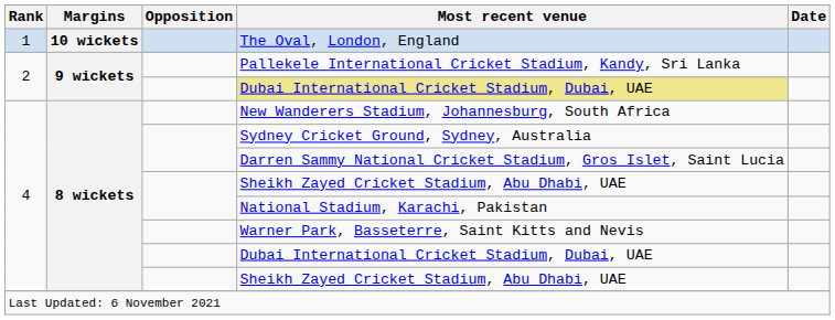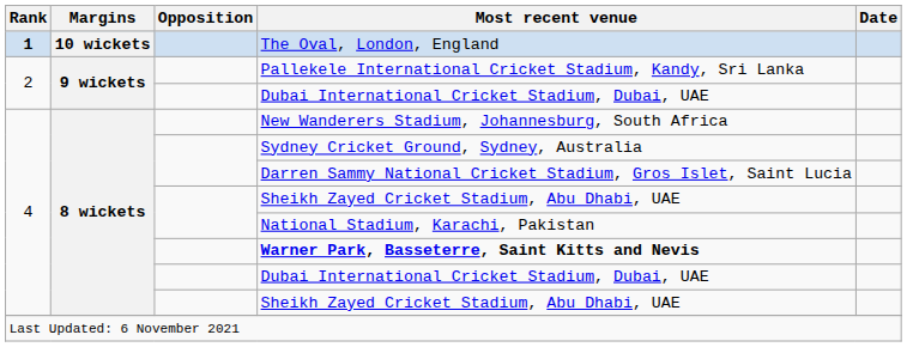 <table class="wikitable plainrowheaders sortable">
 <tr>
 <th scope=col>Rank</th>
 <th scope=col>Margins</th>
 <th scope=col>Opposition</th>
 <th scope=col>Most recent venue</th>
 <th scope=col>Date</th>
 </tr>
 <tr bgcolor=#cee0f2>
-<td align=center>1</td>
+<td align=center><strong>1</strong></td>
 <th scope=row style=text-align:center>10 wickets</th>
 <td></td>
 <td><a href='#'>The Oval</a>, <a href='#'>London</a>, England</td>
 <td></td>
 </tr>
 <tr>
 <td align=center rowspan=2>2</td>
 <th scope=row style=text-align:center rowspan=2>9 wickets</th>
 <td></td>
 <td><a href='#'>Pallekele International Cricket Stadium</a>, <a href='#'>Kandy</a>, Sri Lanka</td>
 <td> </td>
 </tr>
 <tr>
 <td></td>
-<td style="background: khaki;"><a href='#'>Dubai International Cricket Stadium</a>, <a href='#'>Dubai</a>, UAE</td>
+<td><a href='#'>Dubai International Cricket Stadium</a>, <a href='#'>Dubai</a>, UAE</td>
 <td></td>
 </tr>
 <tr>
 <td align=center rowspan=8>4</td>
 <th scope=row style=text-align:center rowspan=8>8 wickets</th>
 <td></td>
 <td><a href='#'>New Wanderers Stadium</a>, <a href='#'>Johannesburg</a>, South Africa</td>
 <td> </td>
 </tr>
 <tr>
 <td rowspan=2></td>
 <td><a href='#'>Sydney Cricket Ground</a>, <a href='#'>Sydney</a>, Australia</td>
 <td></td>
 </tr>
 <tr>
 <td><a href='#'>Darren Sammy National Cricket Stadium</a>, <a href='#'>Gros Islet</a>, Saint Lucia</td>
 <td></td>
 </tr>
 <tr>
 <td rowspan=2></td>
 <td><a href='#'>Sheikh Zayed Cricket Stadium</a>, <a href='#'>Abu Dhabi</a>, UAE</td>
 <td></td>
 </tr>
 <tr>
 <td><a href='#'>National Stadium</a>, <a href='#'>Karachi</a>, Pakistan</td>
 <td></td>
 </tr>
 <tr>
 <td></td>
-<td><a href='#'>Warner Park</a>, <a href='#'>Basseterre</a>, Saint Kitts and Nevis</td>
+<td><strong><a href='#'>Warner Park</a>, <a href='#'>Basseterre</a>, Saint Kitts and Nevis</strong></td>
 <td></td>
 </tr>
 <tr>
 <td></td>
 <td><a href='#'>Dubai International Cricket Stadium</a>, <a href='#'>Dubai</a>, UAE</td>
 <td> </td>
 </tr>
 <tr>
 <td></td>
 <td><a href='#'>Sheikh Zayed Cricket Stadium</a>, <a href='#'>Abu Dhabi</a>, UAE</td>
 <td> </td>
 </tr>
 <tr>
 </tr>
 <tr class=sortbottom>
 <td colspan=5><small>Last Updated: 6 November 2021</small></td>
 </tr>
 </table>
